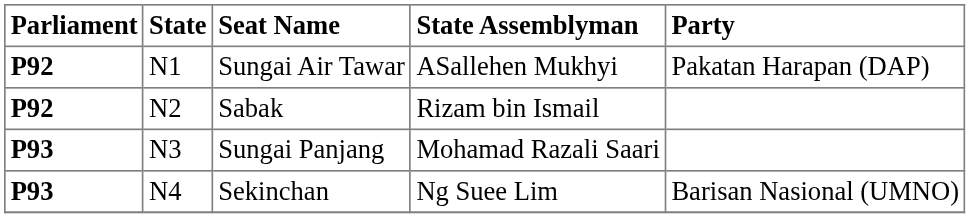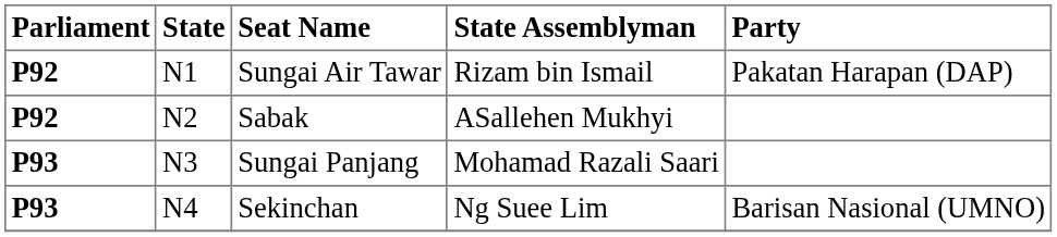 <table class="toccolours sortable" border="1" cellpadding="3" style="border-collapse:collapse; text-align: left;">
 <tr>
 <th align="center">Parliament</th>
 <th>State</th>
 <th>Seat Name</th>
 <th>State Assemblyman</th>
 <th>Party</th>
 </tr>
 <tr>
 <th align="left">P92</th>
 <td>N1</td>
 <td>Sungai Air Tawar</td>
-<td>ASallehen Mukhyi</td>
+<td>Rizam bin Ismail</td>
 <td>Pakatan Harapan (DAP)</td>
 </tr>
 <tr>
 <th align="left">P92</th>
 <td>N2</td>
 <td>Sabak</td>
-<td>Rizam bin Ismail</td>
+<td>ASallehen Mukhyi</td>
 <td></td>
 </tr>
 <tr>
 <th align="left">P93</th>
 <td>N3</td>
 <td>Sungai Panjang</td>
 <td>Mohamad Razali Saari</td>
 <td></td>
 </tr>
 <tr>
 <th align="left">P93</th>
 <td>N4</td>
 <td>Sekinchan</td>
 <td>Ng Suee Lim</td>
 <td>Barisan Nasional (UMNO)</td>
 </tr>
 <tr>
 </tr>
 </table>
